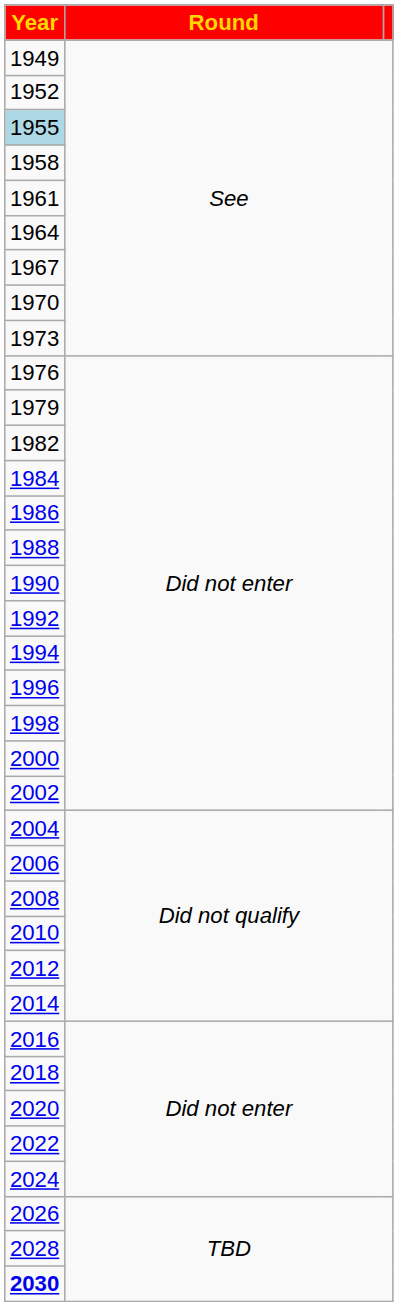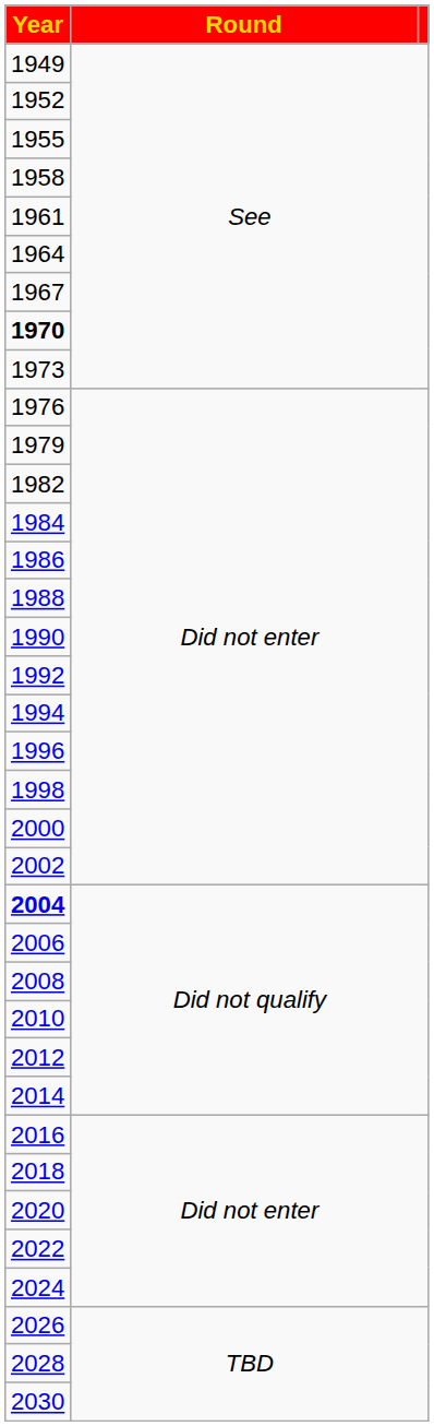 <table class="wikitable" style="text-align: center; font-size:90%">
 <tr style="color:gold;">
 <th style="background:#FF0000;">Year</th>
 <th style="background:#FF0000; width:200px">Round</th>
 <th style="background:#FF0000;"></th>
 </tr>
 <tr>
 <td>1949</td>
 <td colspan="2" rowspan="9"><em>See </em></td>
 </tr>
 <tr>
 <td>1952</td>
 </tr>
 <tr>
-<td style="background: lightblue;">1955</td>
+<td>1955</td>
 </tr>
 <tr>
 <td>1958</td>
 </tr>
 <tr>
 <td>1961</td>
 </tr>
 <tr>
 <td>1964</td>
 </tr>
 <tr>
 <td>1967</td>
 </tr>
 <tr>
-<td>1970</td>
+<td><strong>1970</strong></td>
 </tr>
 <tr>
 <td>1973</td>
 </tr>
 <tr>
 <td>1976</td>
 <td colspan="2" rowspan="13"><em>Did not enter</em></td>
 </tr>
 <tr>
 <td>1979</td>
 </tr>
 <tr>
 <td>1982</td>
 </tr>
 <tr>
 <td><a href='#'>1984</a></td>
 </tr>
 <tr>
 <td><a href='#'>1986</a></td>
 </tr>
 <tr>
 <td><a href='#'>1988</a></td>
 </tr>
 <tr>
 <td><a href='#'>1990</a></td>
 </tr>
 <tr>
 <td><a href='#'>1992</a></td>
 </tr>
 <tr>
 <td><a href='#'>1994</a></td>
 </tr>
 <tr>
 <td><a href='#'>1996</a></td>
 </tr>
 <tr>
 <td><a href='#'>1998</a></td>
 </tr>
 <tr>
 <td><a href='#'>2000</a></td>
 </tr>
 <tr>
 <td><a href='#'>2002</a></td>
 </tr>
 <tr>
-<td><a href='#'>2004</a></td>
+<td><strong><a href='#'>2004</a></strong></td>
 <td colspan="2" rowspan="6"><em>Did not qualify</em></td>
 </tr>
 <tr>
 <td><a href='#'>2006</a></td>
 </tr>
 <tr>
 <td><a href='#'>2008</a></td>
 </tr>
 <tr>
 <td><a href='#'>2010</a></td>
 </tr>
 <tr>
 <td><a href='#'>2012</a></td>
 </tr>
 <tr>
 <td><a href='#'>2014</a></td>
 </tr>
 <tr>
 <td><a href='#'>2016</a></td>
 <td colspan="2" rowspan="5"><em>Did not enter</em></td>
 </tr>
 <tr>
 <td><a href='#'>2018</a></td>
 </tr>
 <tr>
 <td><a href='#'>2020</a></td>
 </tr>
 <tr>
 <td><a href='#'>2022</a></td>
 </tr>
 <tr>
 <td><a href='#'>2024</a></td>
 </tr>
 <tr>
 <td><a href='#'>2026</a></td>
 <td colspan="2" rowspan="3"><em>TBD</em></td>
 </tr>
 <tr>
 <td><a href='#'>2028</a></td>
 </tr>
 <tr>
-<td><strong><a href='#'>2030</a></strong></td>
+<td><a href='#'>2030</a></td>
 </tr>
 </table>
